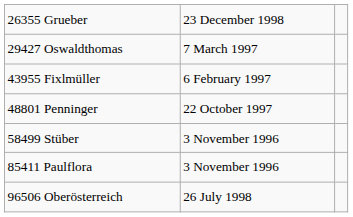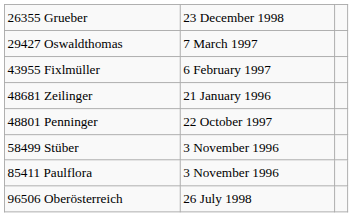 <table class="wikitable" style="font-size: 89%; float: left; width: 26em; margin-right: 1em; height: 224px;">
 <tr>
 <td>26355 Grueber</td>
 <td>23 December 1998</td>
 <td></td>
 </tr>
 <tr>
 <td>29427 Oswaldthomas</td>
 <td>7 March 1997</td>
 <td></td>
 </tr>
 <tr>
 <td>43955 Fixlmüller</td>
 <td>6 February 1997</td>
+<td> </td>
+</tr>
+<tr>
+<td>48681 Zeilinger</td>
+<td>21 January 1996</td>
 <td> </td>
 </tr>
 <tr>
 <td>48801 Penninger</td>
 <td>22 October 1997</td>
 <td></td>
 </tr>
 <tr>
 <td>58499 Stüber</td>
 <td>3 November 1996</td>
 <td> </td>
 </tr>
 <tr>
 <td>85411 Paulflora</td>
 <td>3 November 1996</td>
 <td> </td>
 </tr>
 <tr>
 <td>96506 Oberösterreich</td>
 <td>26 July 1998</td>
 <td></td>
 </tr>
 </table>
